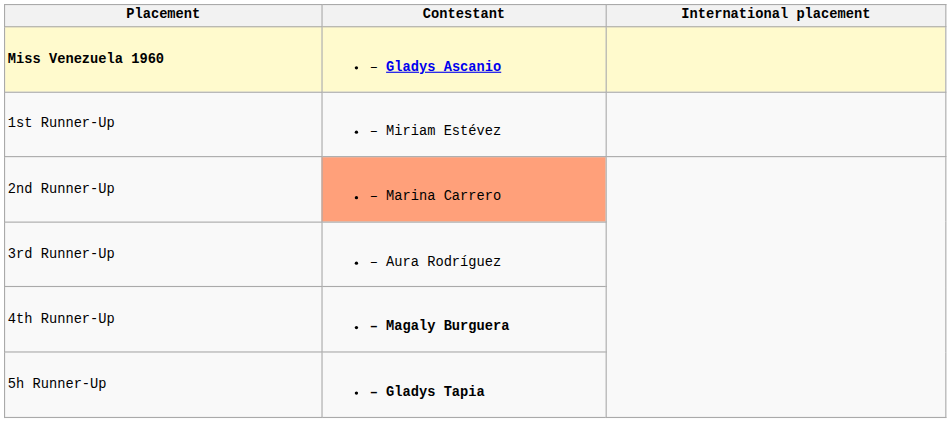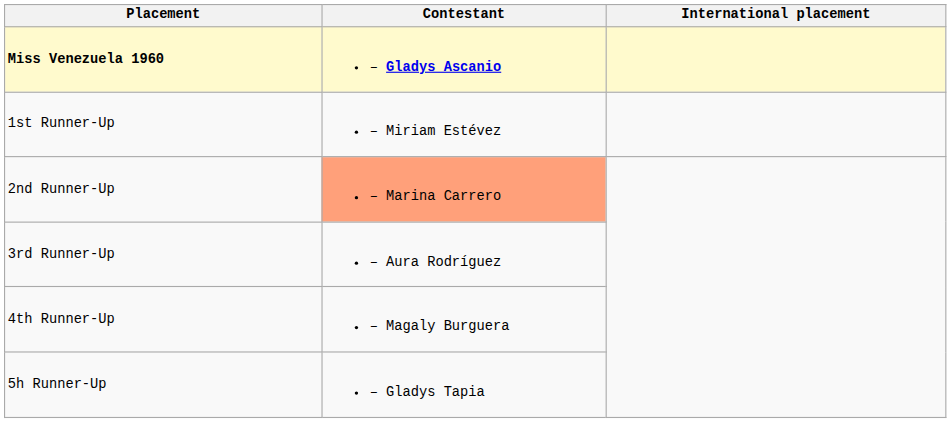 <table class="wikitable sortable" style="font-size: 95%;">
 <tr>
 <th width="280">Placement</th>
 <th width="250">Contestant</th>
 <th width="300">International placement</th>
 </tr>
 <tr style="background-color:#FFFACD;">
 <td><strong>Miss Venezuela 1960</strong></td>
 <td><br><ul><li><strong></strong> – <strong><a href='#'>Gladys Ascanio</a></strong></li></ul></td>
 <td></td>
 </tr>
 <tr>
 <td>1st Runner-Up</td>
 <td><br><ul><li> – Miriam Estévez</li></ul></td>
 <td></td>
 </tr>
 <tr>
 <td>2nd Runner-Up</td>
 <td style="background: lightsalmon;"><br><ul><li> – Marina Carrero</li></ul></td>
 <td rowspan="4"></td>
 </tr>
 <tr>
 <td>3rd Runner-Up</td>
 <td><br><ul><li> – Aura Rodríguez</li></ul></td>
 </tr>
 <tr>
 <td>4th Runner-Up</td>
-<td><strong><br><ul><li> – Magaly Burguera</li></ul></strong></td>
+<td><br><ul><li> – Magaly Burguera</li></ul></td>
 </tr>
 <tr>
 <td>5h Runner-Up</td>
-<td><strong><br><ul><li> – Gladys Tapia</li></ul></strong></td>
+<td><br><ul><li> – Gladys Tapia</li></ul></td>
 </tr>
 </table>
